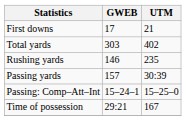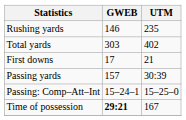 <table class="wikitable" style="float: left;">
 <tr>
 <th>Statistics</th>
 <th>GWEB</th>
 <th>UTM</th>
 </tr>
 <tr>
-<td>First downs</td>
-<td>17</td>
-<td>21</td>
+<td>Rushing yards</td>
+<td>146</td>
+<td>235</td>
 </tr>
 <tr>
 <td>Total yards</td>
 <td>303</td>
 <td>402</td>
 </tr>
 <tr>
-<td>Rushing yards</td>
-<td>146</td>
-<td>235</td>
+<td>First downs</td>
+<td>17</td>
+<td>21</td>
 </tr>
 <tr>
 <td>Passing yards</td>
 <td>157</td>
 <td>30:39</td>
 </tr>
 <tr>
 <td>Passing: Comp–Att–Int</td>
 <td>15–24–1</td>
 <td>15–25–0</td>
 </tr>
 <tr>
 <td>Time of possession</td>
-<td>29:21</td>
+<td><strong>29:21</strong></td>
 <td>167</td>
 </tr>
 <tr>
 </tr>
 </table>
